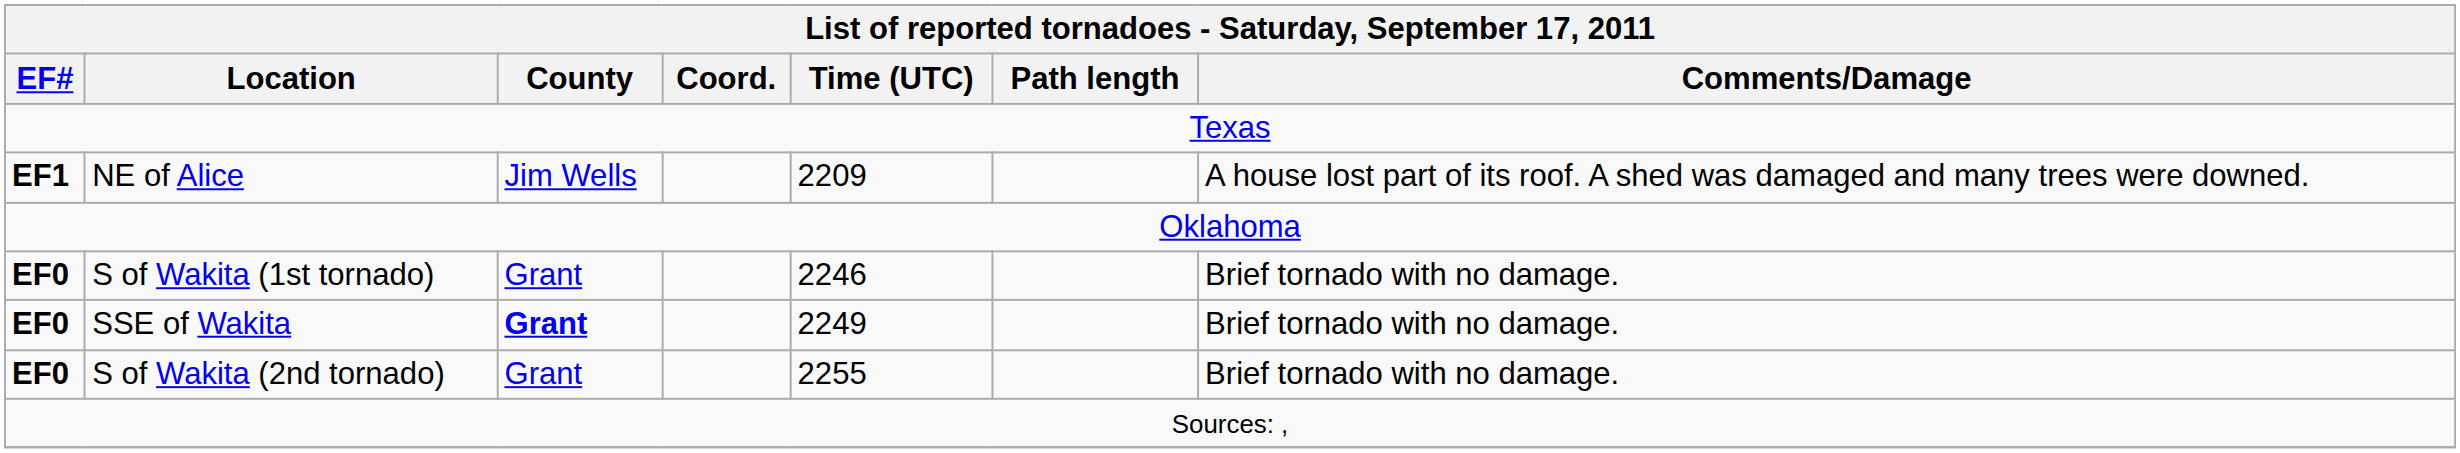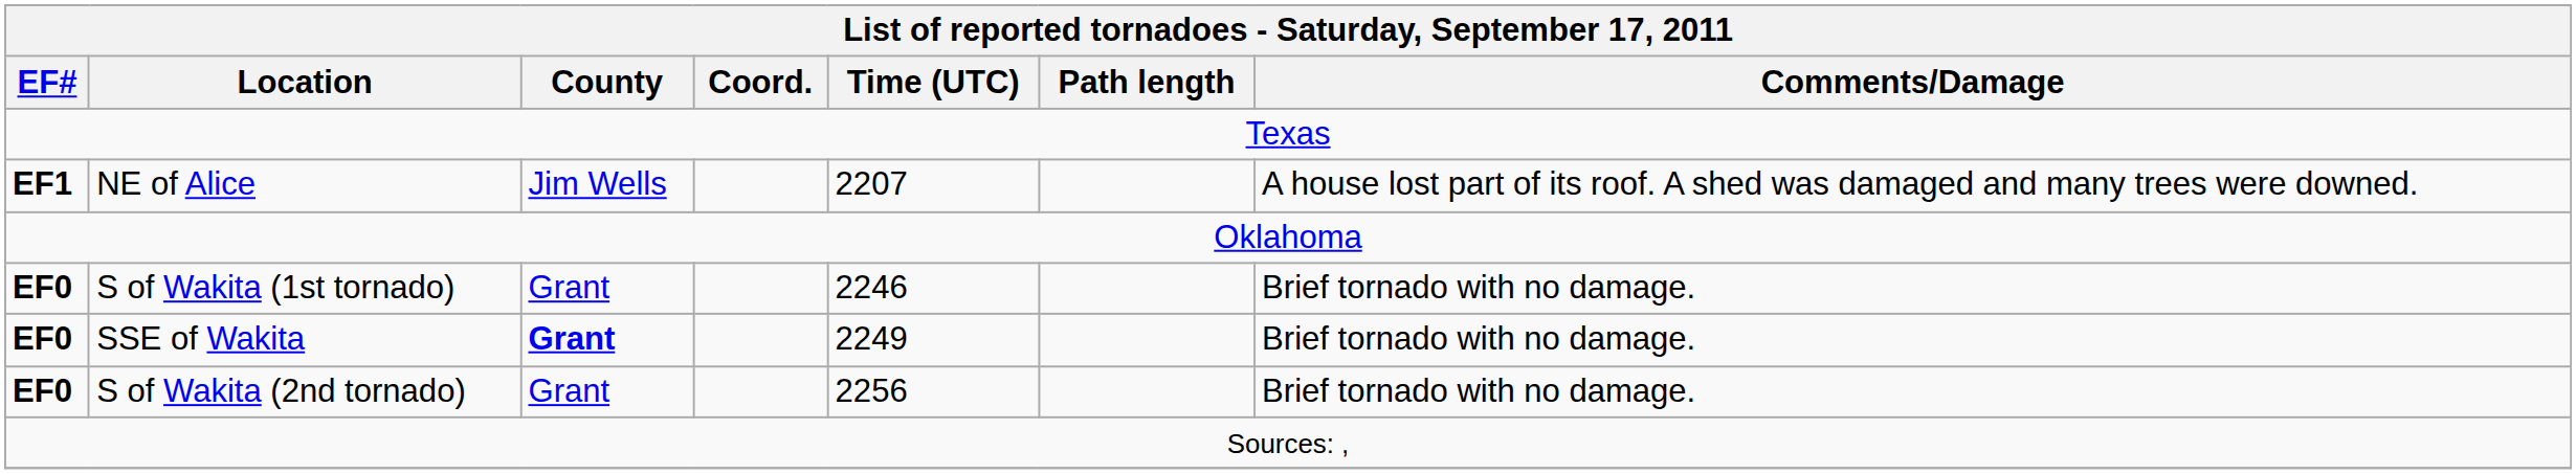 <table class="wikitable collapsible" width="100%">
 <tr>
 <th colspan="7">List of reported tornadoes - Saturday, September 17, 2011</th>
 </tr>
 <tr>
 <th><a href='#'>EF#</a></th>
 <th>Location</th>
 <th>County</th>
 <th>Coord.</th>
 <th>Time (UTC)</th>
 <th>Path length</th>
 <th>Comments/Damage</th>
 </tr>
 <tr>
 <td colspan="7" align=center><a href='#'>Texas</a></td>
 </tr>
 <tr>
 <td><strong>EF1</strong></td>
 <td>NE of <a href='#'>Alice</a></td>
 <td><a href='#'>Jim Wells</a></td>
 <td></td>
-<td>2209</td>
+<td>2207</td>
 <td></td>
 <td>A house lost part of its roof. A shed was damaged and many trees were downed.</td>
 </tr>
 <tr>
 <td colspan="7" align=center><a href='#'>Oklahoma</a></td>
 </tr>
 <tr>
 <td><strong>EF0</strong></td>
 <td>S of <a href='#'>Wakita</a> (1st tornado)</td>
 <td><a href='#'>Grant</a></td>
 <td></td>
 <td>2246</td>
 <td></td>
 <td>Brief tornado with no damage.</td>
 </tr>
 <tr>
 <td><strong>EF0</strong></td>
 <td>SSE of <a href='#'>Wakita</a></td>
 <td><strong><a href='#'>Grant</a></strong></td>
 <td></td>
 <td>2249</td>
 <td></td>
 <td>Brief tornado with no damage.</td>
 </tr>
 <tr>
 <td><strong>EF0</strong></td>
 <td>S of <a href='#'>Wakita</a> (2nd tornado)</td>
 <td><a href='#'>Grant</a></td>
 <td></td>
-<td>2255</td>
+<td>2256</td>
 <td></td>
 <td>Brief tornado with no damage.</td>
 </tr>
 <tr>
 <td colspan="7" align=center><small>Sources: , </small></td>
 </tr>
 <tr>
 </tr>
 </table>
